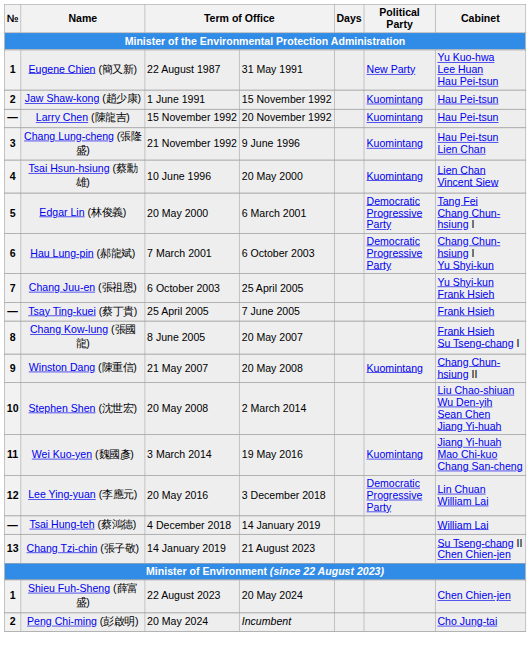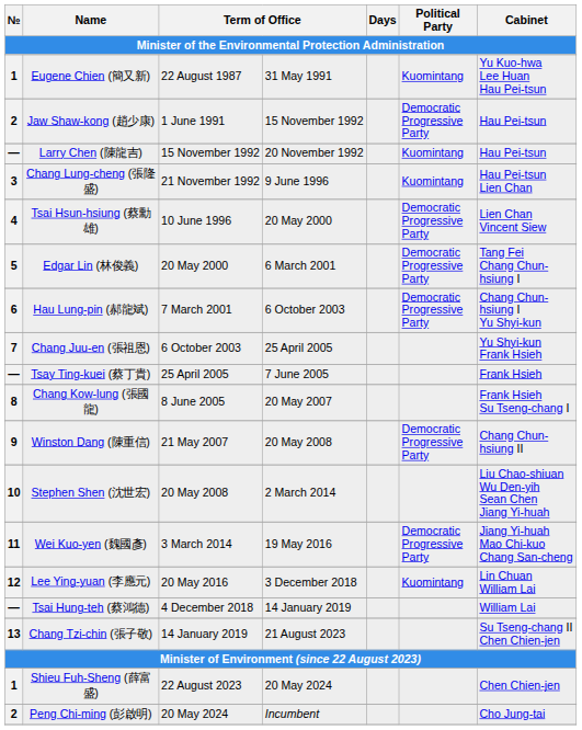 <table class="wikitable">
 <tr ->
 <th>№</th>
 <th width="180">Name</th>
 <th colspan=2 width="180">Term of Office</th>
 <th>Days</th>
 <th width="100">Political Party</th>
 <th width="130">Cabinet</th>
 </tr>
 <tr ->
 <th colspan=7 style="background:#318CE7; color:white;">Minister of the Environmental Protection Administration</th>
 </tr>
 <tr ->
 </tr>
 <tr - bgcolor=#EEEEEE>
 <th style="background:">1</th>
 <td align=center><a href='#'>Eugene Chien</a> (簡又新)</td>
 <td>22 August 1987</td>
 <td>31 May 1991</td>
 <td></td>
-<td><a href='#'>New Party</a></td>
+<td><a href='#'>Kuomintang</a></td>
 <td><a href='#'>Yu Kuo-hwa</a><br><a href='#'>Lee Huan</a><br><a href='#'>Hau Pei-tsun</a></td>
 </tr>
 <tr ->
 </tr>
 <tr - bgcolor=#EEEEEE>
 <th style="background:">2</th>
 <td align=center><a href='#'>Jaw Shaw-kong</a> (趙少康)</td>
 <td>1 June 1991</td>
 <td>15 November 1992</td>
 <td></td>
-<td><a href='#'>Kuomintang</a></td>
+<td><a href='#'>Democratic Progressive Party</a></td>
 <td><a href='#'>Hau Pei-tsun</a></td>
 </tr>
 <tr ->
 </tr>
 <tr - bgcolor=#EEEEEE>
 <th style="background:">—</th>
 <td align=center><a href='#'>Larry Chen</a> (陳龍吉)</td>
 <td>15 November 1992</td>
 <td>20 November 1992</td>
 <td></td>
 <td><a href='#'>Kuomintang</a></td>
 <td><a href='#'>Hau Pei-tsun</a></td>
 </tr>
 <tr ->
 </tr>
 <tr - bgcolor=#EEEEEE>
 <th style="background:">3</th>
 <td align=center><a href='#'>Chang Lung-cheng</a> (張隆盛)</td>
 <td>21 November 1992</td>
 <td>9 June 1996</td>
 <td></td>
 <td><a href='#'>Kuomintang</a></td>
 <td><a href='#'>Hau Pei-tsun</a><br><a href='#'>Lien Chan</a></td>
 </tr>
 <tr ->
 </tr>
 <tr - bgcolor=#EEEEEE>
 <th style="background:">4</th>
 <td align=center><a href='#'>Tsai Hsun-hsiung</a> (蔡勳雄)</td>
 <td>10 June 1996</td>
 <td>20 May 2000</td>
 <td></td>
-<td><a href='#'>Kuomintang</a></td>
+<td><a href='#'>Democratic Progressive Party</a></td>
 <td><a href='#'>Lien Chan</a><br><a href='#'>Vincent Siew</a></td>
 </tr>
 <tr ->
 </tr>
 <tr - bgcolor=#EEEEEE>
 <th style="background:">5</th>
 <td align=center><a href='#'>Edgar Lin</a> (林俊義)</td>
 <td>20 May 2000</td>
 <td>6 March 2001</td>
 <td></td>
 <td><a href='#'>Democratic Progressive Party</a></td>
 <td><a href='#'>Tang Fei</a><br><a href='#'>Chang Chun-hsiung</a> I</td>
 </tr>
 <tr ->
 </tr>
 <tr - bgcolor=#EEEEEE>
 <th style="background:">6</th>
 <td align=center><a href='#'>Hau Lung-pin</a> (郝龍斌)</td>
 <td>7 March 2001</td>
 <td>6 October 2003</td>
 <td></td>
 <td><a href='#'>Democratic Progressive Party</a></td>
 <td><a href='#'>Chang Chun-hsiung</a> I<br><a href='#'>Yu Shyi-kun</a></td>
 </tr>
 <tr ->
 </tr>
 <tr - bgcolor=#EEEEEE>
 <th style="background:">7</th>
 <td align=center><a href='#'>Chang Juu-en</a> (張祖恩)</td>
 <td>6 October 2003</td>
 <td>25 April 2005</td>
 <td></td>
 <td></td>
 <td><a href='#'>Yu Shyi-kun</a><br><a href='#'>Frank Hsieh</a></td>
 </tr>
 <tr ->
 </tr>
 <tr - bgcolor=#EEEEEE>
 <th style="background:">—</th>
 <td align=center><a href='#'>Tsay Ting-kuei</a> (蔡丁貴)</td>
 <td>25 April 2005</td>
 <td>7 June 2005</td>
 <td></td>
 <td></td>
 <td><a href='#'>Frank Hsieh</a></td>
 </tr>
 <tr ->
 </tr>
 <tr - bgcolor=#EEEEEE>
 <th style="background:">8</th>
 <td align=center><a href='#'>Chang Kow-lung</a> (張國龍)</td>
 <td>8 June 2005</td>
 <td>20 May 2007</td>
 <td></td>
 <td></td>
 <td><a href='#'>Frank Hsieh</a><br><a href='#'>Su Tseng-chang</a> I</td>
 </tr>
 <tr ->
 </tr>
 <tr - bgcolor=#EEEEEE>
 <th style="background:">9</th>
 <td align=center><a href='#'>Winston Dang</a> (陳重信)</td>
 <td>21 May 2007</td>
 <td>20 May 2008</td>
 <td></td>
-<td><a href='#'>Kuomintang</a></td>
+<td><a href='#'>Democratic Progressive Party</a></td>
 <td><a href='#'>Chang Chun-hsiung</a> II</td>
 </tr>
 <tr ->
 </tr>
 <tr - bgcolor=#EEEEEE>
 <th style="background:">10</th>
 <td align=center><a href='#'>Stephen Shen</a> (沈世宏)</td>
 <td>20 May 2008</td>
 <td>2 March 2014</td>
 <td></td>
 <td></td>
 <td><a href='#'>Liu Chao-shiuan</a><br><a href='#'>Wu Den-yih</a><br><a href='#'>Sean Chen</a><br><a href='#'>Jiang Yi-huah</a></td>
 </tr>
 <tr ->
 </tr>
 <tr - bgcolor=#EEEEEE>
 <th style="background:">11</th>
 <td align=center><a href='#'>Wei Kuo-yen</a> (魏國彥)</td>
 <td>3 March 2014</td>
 <td>19 May 2016</td>
 <td></td>
-<td><a href='#'>Kuomintang</a></td>
+<td><a href='#'>Democratic Progressive Party</a></td>
 <td><a href='#'>Jiang Yi-huah</a><br><a href='#'>Mao Chi-kuo</a><br><a href='#'>Chang San-cheng</a></td>
 </tr>
 <tr ->
 </tr>
 <tr - bgcolor=#EEEEEE>
 <th style="background:">12</th>
 <td align=center><a href='#'>Lee Ying-yuan</a> (李應元)</td>
 <td>20 May 2016</td>
 <td>3 December 2018</td>
 <td></td>
-<td><a href='#'>Democratic Progressive Party</a></td>
+<td><a href='#'>Kuomintang</a></td>
 <td><a href='#'>Lin Chuan</a><br><a href='#'>William Lai</a></td>
 </tr>
 <tr ->
 </tr>
 <tr - bgcolor=#EEEEEE>
 <th style="background:">—</th>
 <td align=center><a href='#'>Tsai Hung-teh</a> (蔡鴻德)</td>
 <td>4 December 2018</td>
 <td>14 January 2019</td>
 <td></td>
 <td></td>
 <td><a href='#'>William Lai</a></td>
 </tr>
 <tr ->
 </tr>
 <tr - bgcolor=#EEEEEE>
 <th style="background:">13</th>
 <td align=center><a href='#'>Chang Tzi-chin</a> (張子敬)</td>
 <td>14 January 2019</td>
 <td>21 August 2023</td>
 <td></td>
 <td></td>
 <td><a href='#'>Su Tseng-chang</a> II<br><a href='#'>Chen Chien-jen</a></td>
 </tr>
 <tr ->
 <th colspan=7 style="background:#318CE7; color:white;">Minister of Environment <em>(since 22 August 2023)</em></th>
 </tr>
 <tr ->
 </tr>
 <tr - bgcolor=#EEEEEE>
 <th style="background:">1</th>
 <td align=center><a href='#'>Shieu Fuh-Sheng</a> (薛富盛)</td>
 <td>22 August 2023</td>
 <td>20 May 2024</td>
 <td></td>
 <td></td>
 <td><a href='#'>Chen Chien-jen</a></td>
 </tr>
 <tr ->
 </tr>
 <tr - bgcolor=#EEEEEE>
 <th style="background:">2</th>
 <td align=center><a href='#'>Peng Chi-ming</a> (彭啟明)</td>
 <td>20 May 2024</td>
 <td><em>Incumbent</em></td>
 <td></td>
 <td></td>
 <td><a href='#'>Cho Jung-tai</a></td>
 </tr>
 <tr ->
 </tr>
 </table>
